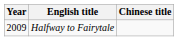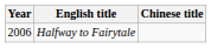 <table class="wikitable sortable">
 <tr>
 <th>Year</th>
 <th>English title</th>
 <th>Chinese title</th>
 </tr>
 <tr>
-<td>2009</td>
+<td>2006</td>
 <td><em>Halfway to Fairytale</em></td>
 <td></td>
 </tr>
 </table>
